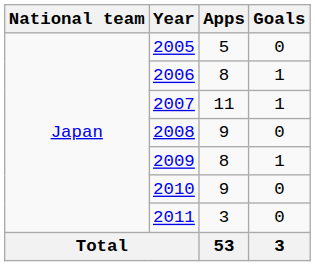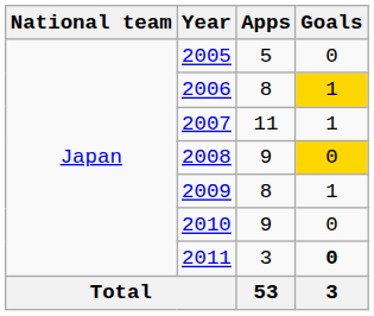 <table class="wikitable" style="text-align:center">
 <tr>
 <th>National team</th>
 <th>Year</th>
 <th>Apps</th>
 <th>Goals</th>
 </tr>
 <tr>
 <td rowspan="7"><a href='#'>Japan</a></td>
 <td><a href='#'>2005</a></td>
 <td>5</td>
 <td>0</td>
 </tr>
 <tr>
 <td><a href='#'>2006</a></td>
 <td>8</td>
-<td>1</td>
+<td style="background: gold;">1</td>
 </tr>
 <tr>
 <td><a href='#'>2007</a></td>
 <td>11</td>
 <td>1</td>
 </tr>
 <tr>
 <td><a href='#'>2008</a></td>
 <td>9</td>
-<td>0</td>
+<td style="background: gold;">0</td>
 </tr>
 <tr>
 <td><a href='#'>2009</a></td>
 <td>8</td>
 <td>1</td>
 </tr>
 <tr>
 <td><a href='#'>2010</a></td>
 <td>9</td>
 <td>0</td>
 </tr>
 <tr>
 <td><a href='#'>2011</a></td>
 <td>3</td>
-<td>0</td>
+<td><strong>0</strong></td>
 </tr>
 <tr>
 <th colspan="2">Total</th>
 <th>53</th>
 <th>3</th>
 </tr>
 </table>
